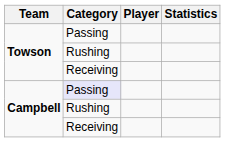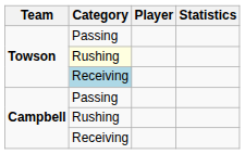 <table class="wikitable" style="float: right;">
 <tr>
 <th>Team</th>
 <th>Category</th>
 <th>Player</th>
 <th>Statistics</th>
 </tr>
 <tr>
 <td rowspan=3><strong>Towson</strong></td>
 <td>Passing</td>
 <td></td>
 <td></td>
 </tr>
 <tr>
-<td>Rushing</td>
+<td style="background: lightyellow;">Rushing</td>
 <td></td>
 <td></td>
 </tr>
 <tr>
-<td>Receiving</td>
+<td style="background: lightblue;">Receiving</td>
 <td></td>
 <td></td>
 </tr>
 <tr>
 <td rowspan=3><strong>Campbell</strong></td>
-<td style="background: lavender;">Passing</td>
+<td>Passing</td>
 <td></td>
 <td></td>
 </tr>
 <tr>
 <td>Rushing</td>
 <td></td>
 <td></td>
 </tr>
 <tr>
 <td>Receiving</td>
 <td></td>
 <td></td>
 </tr>
 </table>
